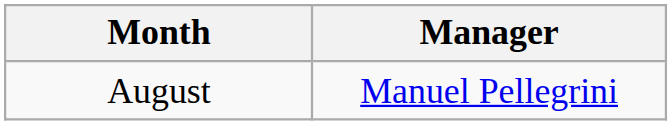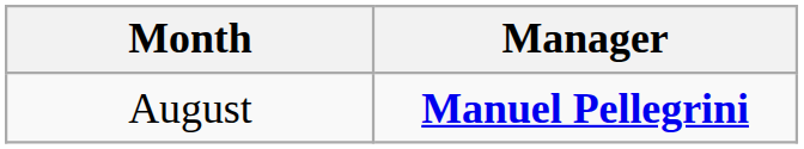 <table class="wikitable" style="text-align:center">
 <tr>
 <th>Month</th>
 <th>Manager</th>
 </tr>
 <tr>
 <td style="width:130px;">August</td>
-<td style="width:150px;"> <a href='#'>Manuel Pellegrini</a></td>
+<td style="width:150px;"><strong> <a href='#'>Manuel Pellegrini</a></strong></td>
 </tr>
 </table>
